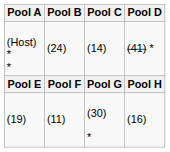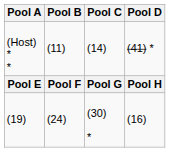 <table class="wikitable">
 <tr>
 <th width=25%>Pool A</th>
 <th width=25%>Pool B</th>
 <th width=25%>Pool C</th>
 <th width=25%>Pool D</th>
 </tr>
 <tr>
 <td><br> (Host)<br> <s></s> *<br> <s></s> *<br> </td>
-<td><br> (24)<br> <br> </td>
+<td><br> (11)<br> <br> </td>
 <td><br> (14)<br> <br> </td>
 <td><br><s> (41)</s> *<br> <br> </td>
 </tr>
 <tr>
 <th width=25%>Pool E</th>
 <th width=25%>Pool F</th>
 <th width=25%>Pool G</th>
 <th width=25%>Pool H</th>
 </tr>
 <tr>
 <td><br> (19)<br> <br> </td>
-<td><br> (11)<br> <br> </td>
+<td><br> (24)<br> <br> </td>
 <td><br> (30)<br> <br> <s></s> *</td>
 <td><br> (16)<br> <br> </td>
 </tr>
 </table>
